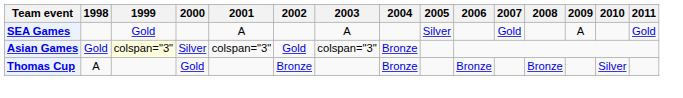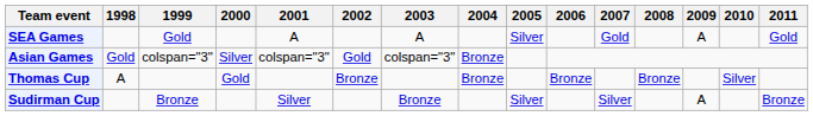 <table class="wikitable" style="font-size: 90%; text-align:center">
 <tr>
 <th>Team event</th>
 <th>1998</th>
 <th>1999</th>
 <th>2000</th>
 <th>2001</th>
 <th>2002</th>
 <th>2003</th>
 <th>2004</th>
 <th>2005</th>
 <th>2006</th>
 <th>2007</th>
 <th>2008</th>
 <th>2009</th>
 <th>2010</th>
 <th>2011</th>
 </tr>
 <tr>
 <td bgcolor="#ECF2FF"; align="left"><strong><a href='#'>SEA Games</a></strong></td>
 <td></td>
 <td> <a href='#'>Gold</a></td>
 <td></td>
 <td>A</td>
 <td></td>
 <td>A</td>
 <td></td>
 <td> <a href='#'>Silver</a></td>
 <td></td>
 <td> <a href='#'>Gold</a></td>
 <td></td>
 <td>A</td>
 <td></td>
 <td> <a href='#'>Gold</a></td>
 </tr>
 <tr>
 <td bgcolor="#ECF2FF"; align="left"><strong><a href='#'>Asian Games</a></strong></td>
 <td> <a href='#'>Gold</a></td>
-<td style="background: lightyellow;">colspan="3" </td>
+<td>colspan="3" </td>
 <td> <a href='#'>Silver</a></td>
 <td>colspan="3" </td>
 <td> <a href='#'>Gold</a></td>
 <td>colspan="3" </td>
 <td> <a href='#'>Bronze</a></td>
 <td></td>
 </tr>
 <tr>
 <td bgcolor="#ECF2FF"; align="left"><strong><a href='#'>Thomas Cup</a></strong></td>
 <td>A</td>
 <td></td>
 <td> <a href='#'>Gold</a></td>
 <td></td>
 <td> <a href='#'>Bronze</a></td>
 <td></td>
 <td> <a href='#'>Bronze</a></td>
 <td></td>
 <td> <a href='#'>Bronze</a></td>
 <td></td>
 <td> <a href='#'>Bronze</a></td>
 <td></td>
 <td> <a href='#'>Silver</a></td>
 <td></td>
 </tr>
+<tr>
+<td bgcolor="#ECF2FF"; align="left"><strong><a href='#'>Sudirman Cup</a></strong></td>
+<td></td>
+<td> <a href='#'>Bronze</a></td>
+<td></td>
+<td> <a href='#'>Silver</a></td>
+<td></td>
+<td> <a href='#'>Bronze</a></td>
+<td></td>
+<td> <a href='#'>Silver</a></td>
+<td></td>
+<td> <a href='#'>Silver</a></td>
+<td></td>
+<td>A</td>
+<td></td>
+<td> <a href='#'>Bronze</a></td>
+</tr>
 </table>
